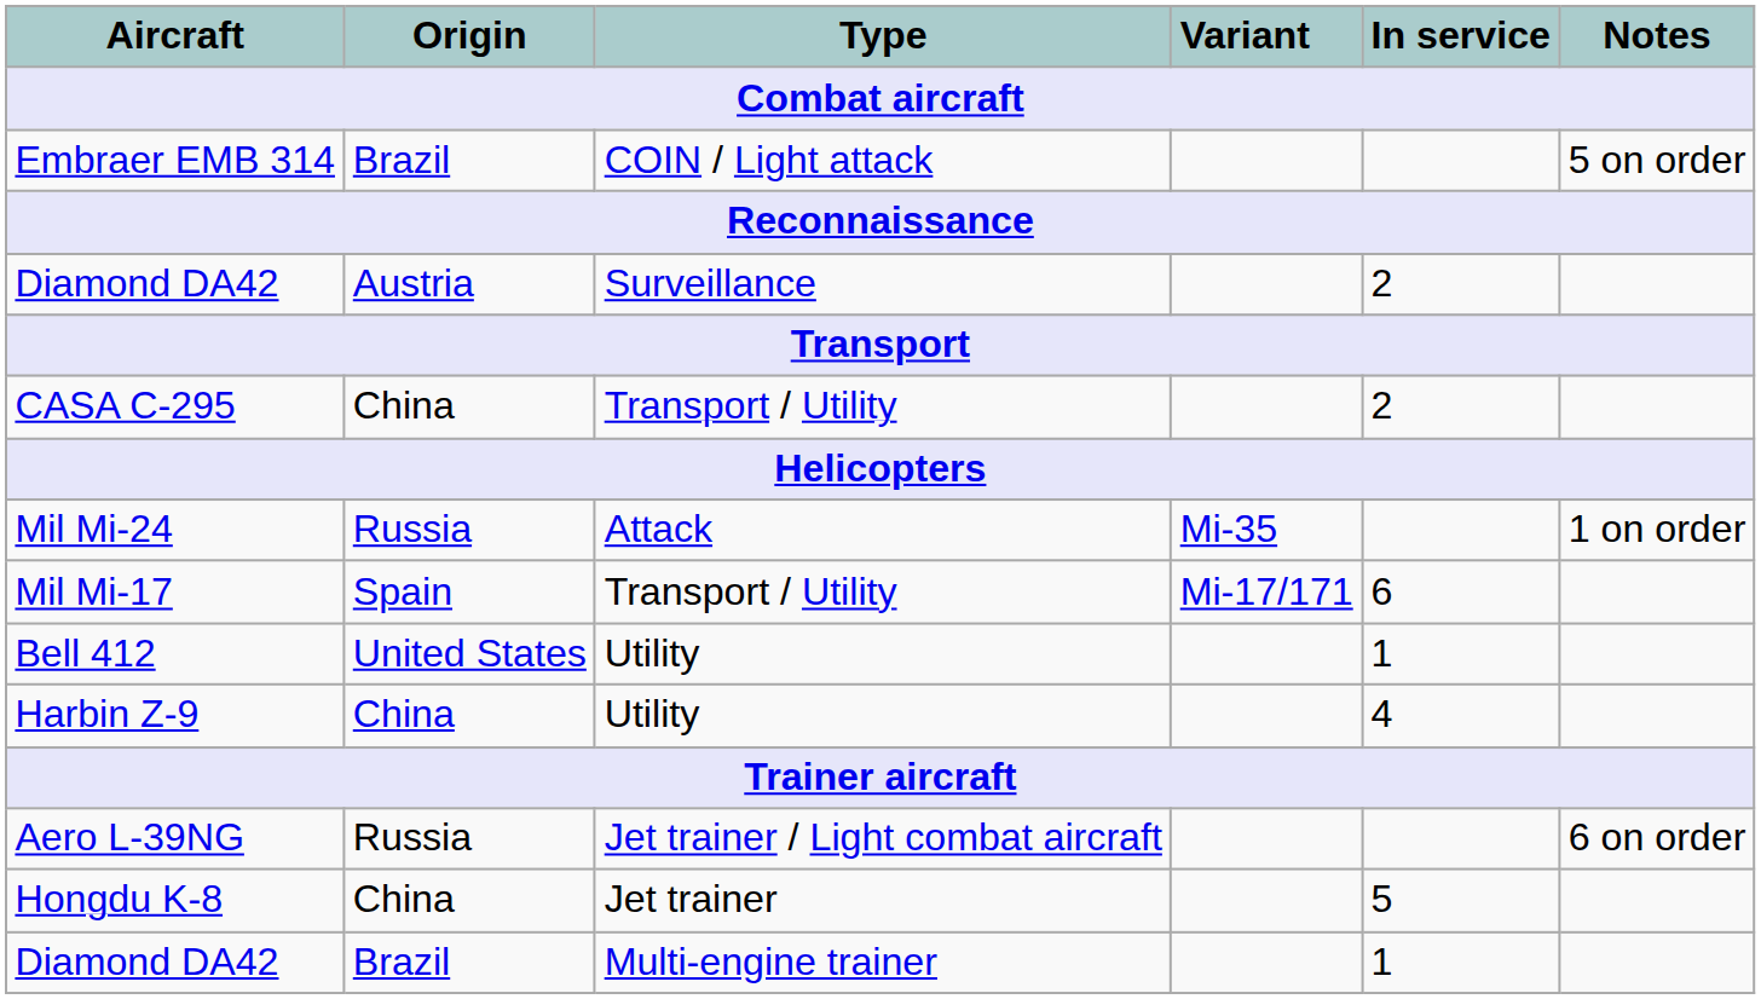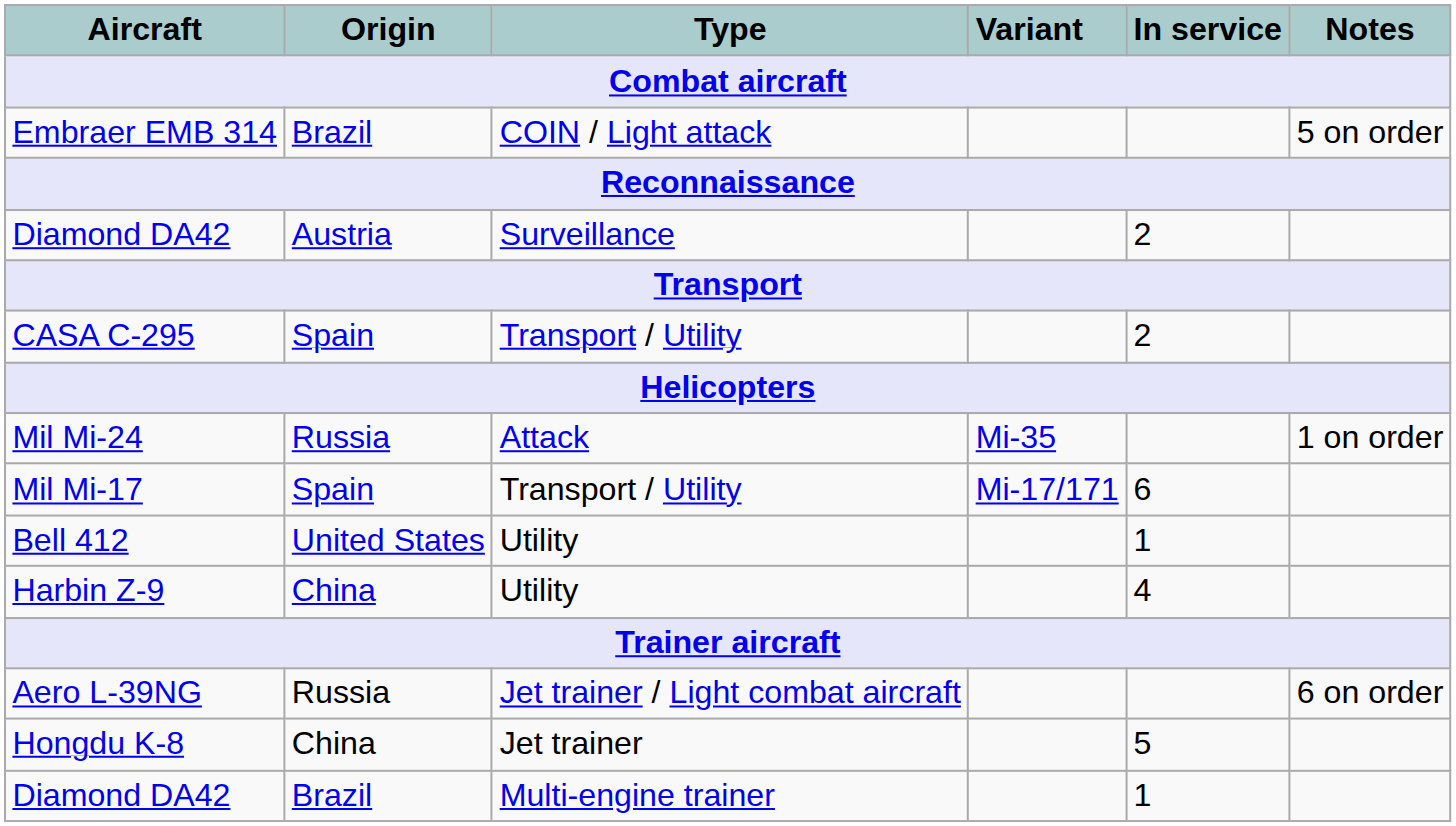 <table class="wikitable">
 <tr>
 <th style="text-align:center; background:#acc;">Aircraft</th>
 <th style="text-align: center; background:#acc;">Origin</th>
 <th style="text-align:l center; background:#acc;">Type</th>
 <th style="text-align:left; background:#acc;">Variant</th>
 <th style="text-align:center; background:#acc;">In service</th>
 <th style="text-align: center; background:#acc;">Notes</th>
 </tr>
 <tr>
 <th style="align: center; background: lavender;" colspan="7"><a href='#'>Combat aircraft</a></th>
 </tr>
 <tr>
 <td><a href='#'>Embraer EMB 314</a></td>
 <td><a href='#'>Brazil</a></td>
 <td><a href='#'>COIN</a> / <a href='#'>Light attack</a></td>
 <td></td>
 <td></td>
 <td>5 on order</td>
 </tr>
 <tr>
 <th style="align: center; background: lavender;" colspan="7"><a href='#'>Reconnaissance</a></th>
 </tr>
 <tr>
 <td><a href='#'>Diamond DA42</a></td>
 <td><a href='#'>Austria</a></td>
 <td><a href='#'>Surveillance</a></td>
 <td></td>
 <td>2</td>
 <td></td>
 </tr>
 <tr>
 <th style="align: center; background: lavender;" colspan="7"><a href='#'>Transport</a></th>
 </tr>
 <tr>
 <td><a href='#'>CASA C-295</a></td>
-<td>China</td>
+<td><a href='#'>Spain</a></td>
 <td><a href='#'>Transport</a> / <a href='#'>Utility</a></td>
 <td></td>
 <td>2</td>
 <td></td>
 </tr>
 <tr>
 <th style="align: center; background: lavender;" colspan="7"><a href='#'>Helicopters</a></th>
 </tr>
 <tr>
 <td><a href='#'>Mil Mi-24</a></td>
 <td><a href='#'>Russia</a></td>
 <td><a href='#'>Attack</a></td>
 <td><a href='#'>Mi-35</a></td>
 <td></td>
 <td>1 on order</td>
 </tr>
 <tr>
 <td><a href='#'>Mil Mi-17</a></td>
 <td><a href='#'>Spain</a></td>
 <td>Transport / <a href='#'>Utility</a></td>
 <td><a href='#'>Mi-17/171</a></td>
 <td>6</td>
 <td></td>
 </tr>
 <tr>
 <td><a href='#'>Bell 412</a></td>
 <td><a href='#'>United States</a></td>
 <td>Utility</td>
 <td></td>
 <td>1</td>
 <td></td>
 </tr>
 <tr>
 <td><a href='#'>Harbin Z-9</a></td>
 <td><a href='#'>China</a></td>
 <td>Utility</td>
 <td></td>
 <td>4</td>
 <td></td>
 </tr>
 <tr>
 <th style="align: center; background: lavender;" colspan="7"><a href='#'>Trainer aircraft</a></th>
 </tr>
 <tr>
 <td><a href='#'>Aero L-39NG</a></td>
 <td>Russia</td>
 <td><a href='#'>Jet trainer</a> / <a href='#'>Light combat aircraft</a></td>
 <td></td>
 <td></td>
 <td>6 on order</td>
 </tr>
 <tr>
 <td><a href='#'>Hongdu K-8</a></td>
 <td>China</td>
 <td>Jet trainer</td>
 <td></td>
 <td>5</td>
 <td></td>
 </tr>
 <tr>
 <td><a href='#'>Diamond DA42</a></td>
 <td><a href='#'>Brazil</a></td>
 <td><a href='#'>Multi-engine trainer</a></td>
 <td></td>
 <td>1</td>
 <td></td>
 </tr>
 </table>
